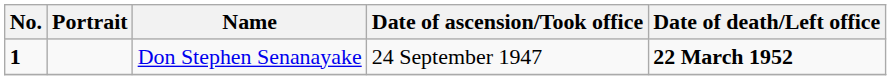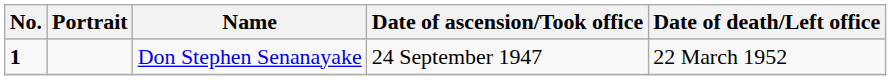 <table class="wikitable">
 <tr>
 <th>No.</th>
 <th>Portrait</th>
 <th>Name</th>
 <th>Date of ascension/Took office</th>
 <th>Date of death/Left office</th>
 </tr>
 <tr>
 <td><strong>1</strong></td>
 <td></td>
 <td><a href='#'>Don Stephen Senanayake</a></td>
 <td>24 September 1947</td>
-<td><strong>22 March 1952</strong></td>
+<td>22 March 1952</td>
 </tr>
 <tr>
 </tr>
 </table>
